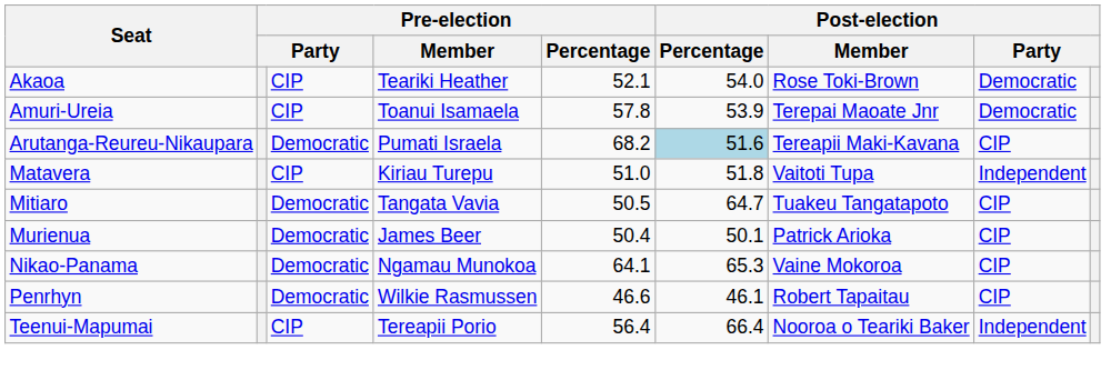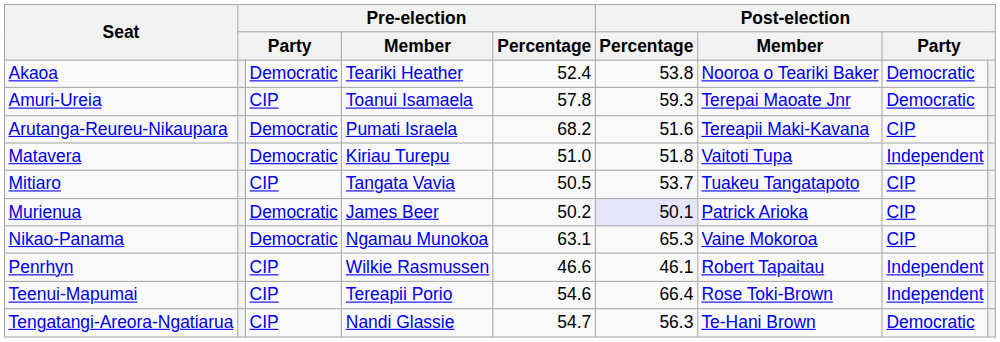 <table class="wikitable sortable">
 <tr style="text-align:center">
 <th rowspan="2">Seat</th>
 <th colspan="4">Pre-election</th>
 <th colspan="4">Post-election</th>
 </tr>
 <tr style="text-align:center">
 <th colspan="2">Party</th>
 <th>Member</th>
 <th>Percentage</th>
 <th>Percentage</th>
 <th>Member</th>
 <th colspan="2">Party</th>
 </tr>
 <tr>
 <td><a href='#'>Akaoa</a></td>
 <th style="background-color: "></th>
-<td><a href='#'>CIP</a></td>
+<td><a href='#'>Democratic</a></td>
 <td><a href='#'>Teariki Heather</a></td>
-<td style="text-align:right;">52.1</td>
-<td style="text-align:right;">54.0</td>
-<td><a href='#'>Rose Toki-Brown</a></td>
+<td style="text-align:right;">52.4</td>
+<td style="text-align:right;">53.8</td>
+<td><a href='#'>Nooroa o Teariki Baker</a></td>
 <td><a href='#'>Democratic</a></td>
 <th style="background-color: "></th>
 </tr>
 <tr>
 <td><a href='#'>Amuri-Ureia</a></td>
 <th style="background-color: "></th>
 <td><a href='#'>CIP</a></td>
 <td><a href='#'>Toanui Isamaela</a></td>
 <td style="text-align:right;">57.8</td>
-<td style="text-align:right;">53.9</td>
+<td style="text-align:right;">59.3</td>
 <td><a href='#'>Terepai Maoate Jnr</a></td>
 <td><a href='#'>Democratic</a></td>
 <th style="background-color: "></th>
 </tr>
 <tr>
 <td><a href='#'>Arutanga-Reureu-Nikaupara</a></td>
 <th style="background-color: "></th>
 <td><a href='#'>Democratic</a></td>
 <td><a href='#'>Pumati Israela</a></td>
 <td style="text-align:right;">68.2</td>
-<td style="background: lightblue; text-align:right;">51.6</td>
+<td style="text-align:right;">51.6</td>
 <td><a href='#'>Tereapii Maki-Kavana</a></td>
 <td><a href='#'>CIP</a></td>
 <th style="background-color: "></th>
 </tr>
 <tr>
 <td><a href='#'>Matavera</a></td>
 <th style="background-color: "></th>
-<td><a href='#'>CIP</a></td>
+<td><a href='#'>Democratic</a></td>
 <td><a href='#'>Kiriau Turepu</a></td>
 <td style="text-align:right;">51.0</td>
 <td style="text-align:right;">51.8</td>
 <td><a href='#'>Vaitoti Tupa</a></td>
 <td><a href='#'>Independent</a></td>
 <th style="background-color: "></th>
 </tr>
 <tr>
 <td><a href='#'>Mitiaro</a></td>
 <th style="background-color: "></th>
-<td><a href='#'>Democratic</a></td>
+<td><a href='#'>CIP</a></td>
 <td><a href='#'>Tangata Vavia</a></td>
 <td style="text-align:right;">50.5</td>
-<td style="text-align:right;">64.7</td>
+<td style="text-align:right;">53.7</td>
 <td><a href='#'>Tuakeu Tangatapoto</a></td>
 <td><a href='#'>CIP</a></td>
 <th style="background-color: "></th>
 </tr>
 <tr>
 <td><a href='#'>Murienua</a></td>
 <th style="background-color: "></th>
 <td><a href='#'>Democratic</a></td>
 <td><a href='#'>James Beer</a></td>
-<td style="text-align:right;">50.4</td>
-<td style="text-align:right;">50.1</td>
+<td style="text-align:right;">50.2</td>
+<td style="background: lavender; text-align:right;">50.1</td>
 <td><a href='#'>Patrick Arioka</a></td>
 <td><a href='#'>CIP</a></td>
 <th style="background-color: "></th>
 </tr>
 <tr>
 <td><a href='#'>Nikao-Panama</a></td>
 <th style="background-color: "></th>
 <td><a href='#'>Democratic</a></td>
 <td><a href='#'>Ngamau Munokoa</a></td>
-<td style="text-align:right;">64.1</td>
+<td style="text-align:right;">63.1</td>
 <td style="text-align:right;">65.3</td>
 <td><a href='#'>Vaine Mokoroa</a></td>
 <td><a href='#'>CIP</a></td>
 <th style="background-color: "></th>
 </tr>
 <tr>
 <td><a href='#'>Penrhyn</a></td>
 <th style="background-color: "></th>
-<td><a href='#'>Democratic</a></td>
+<td><a href='#'>CIP</a></td>
 <td><a href='#'>Wilkie Rasmussen</a></td>
 <td style="text-align:right;">46.6</td>
 <td style="text-align:right;">46.1</td>
 <td><a href='#'>Robert Tapaitau</a></td>
-<td><a href='#'>CIP</a></td>
+<td><a href='#'>Independent</a></td>
 <th style="background-color: "></th>
 </tr>
 <tr>
 <td><a href='#'>Teenui-Mapumai</a></td>
 <th style="background-color: "></th>
 <td><a href='#'>CIP</a></td>
 <td><a href='#'>Tereapii Porio</a></td>
-<td style="text-align:right;">56.4</td>
+<td style="text-align:right;">54.6</td>
 <td style="text-align:right;">66.4</td>
-<td><a href='#'>Nooroa o Teariki Baker</a></td>
+<td><a href='#'>Rose Toki-Brown</a></td>
 <td><a href='#'>Independent</a></td>
 <th style="background-color: "></th>
 </tr>
+<tr>
+<td><a href='#'>Tengatangi-Areora-Ngatiarua</a></td>
+<th style="background-color: "></th>
+<td><a href='#'>CIP</a></td>
+<td><a href='#'>Nandi Glassie</a></td>
+<td style="text-align:right;">54.7</td>
+<td style="text-align:right;">56.3</td>
+<td><a href='#'>Te-Hani Brown</a></td>
+<td><a href='#'>Democratic</a></td>
+<th style="background-color: "></th>
+</tr>
 </table>
